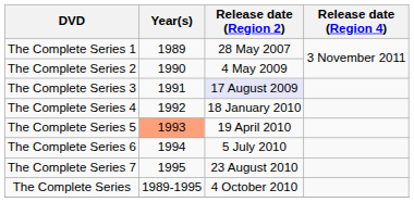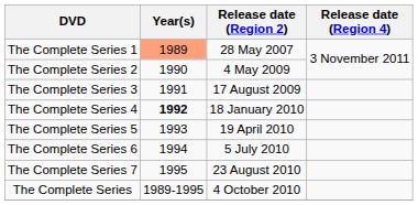 <table class="wikitable" style="text-align:center;">
 <tr>
 <th>DVD</th>
 <th>Year(s)</th>
 <th>Release date<br>(<a href='#'>Region 2</a>)</th>
 <th>Release date<br>(<a href='#'>Region 4</a>)</th>
 </tr>
 <tr>
 <td>The Complete Series 1</td>
-<td>1989</td>
+<td style="background: lightsalmon;">1989</td>
 <td>28 May 2007</td>
 <td rowspan="2">3 November 2011</td>
 </tr>
 <tr>
 <td>The Complete Series 2</td>
 <td>1990</td>
 <td>4 May 2009</td>
 </tr>
 <tr>
 <td>The Complete Series 3</td>
 <td>1991</td>
-<td style="background: lavender;">17 August 2009</td>
+<td>17 August 2009</td>
 <td></td>
 </tr>
 <tr>
 <td>The Complete Series 4</td>
-<td>1992</td>
+<td><strong>1992</strong></td>
 <td>18 January 2010</td>
 <td></td>
 </tr>
 <tr>
 <td>The Complete Series 5</td>
-<td style="background: lightsalmon;">1993</td>
+<td>1993</td>
 <td>19 April 2010</td>
 <td></td>
 </tr>
 <tr>
 <td>The Complete Series 6</td>
 <td>1994</td>
 <td>5 July 2010</td>
 <td></td>
 </tr>
 <tr>
 <td>The Complete Series 7</td>
 <td>1995</td>
 <td>23 August 2010</td>
 <td></td>
 </tr>
 <tr>
 <td>The Complete Series</td>
 <td>1989-1995</td>
 <td>4 October 2010</td>
 <td></td>
 </tr>
 <tr>
 </tr>
 </table>
